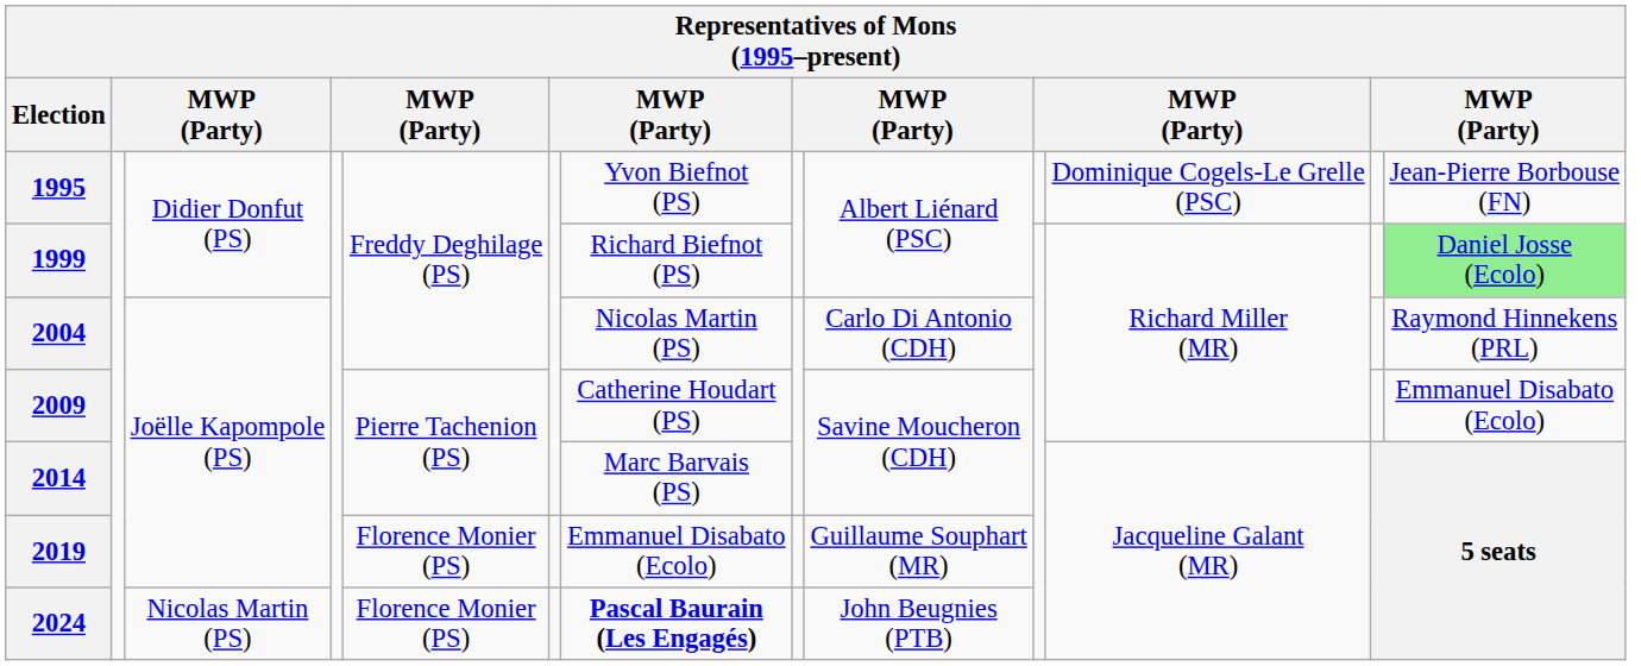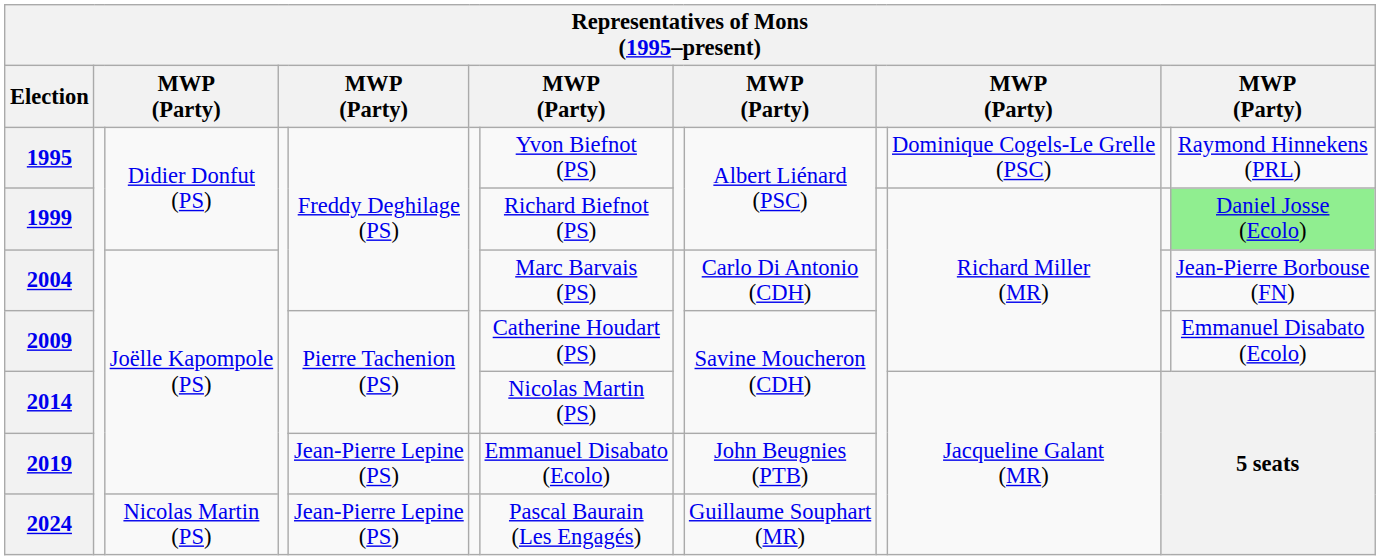 <table class="wikitable" style="text-align:center">
 <tr>
 <th colspan="13">Representatives of Mons<br>(<a href='#'>1995</a>–present)</th>
 </tr>
 <tr>
 <th>Election</th>
 <th colspan=2>MWP<br>(Party)</th>
 <th colspan=2>MWP<br>(Party)</th>
 <th colspan=2>MWP<br>(Party)</th>
 <th colspan=2>MWP<br>(Party)</th>
 <th colspan=2>MWP<br>(Party)</th>
 <th colspan=2>MWP<br>(Party)</th>
 </tr>
 <tr>
 <th><a href='#'>1995</a></th>
 <td rowspan=7; style="background-color: "></td>
 <td rowspan=2><a href='#'>Didier Donfut</a><br>(<a href='#'>PS</a>)</td>
 <td rowspan=7; style="background-color: "></td>
 <td rowspan=3><a href='#'>Freddy Deghilage</a><br>(<a href='#'>PS</a>)</td>
 <td rowspan=5; style="background-color: "></td>
 <td rowspan=1><a href='#'>Yvon Biefnot</a><br>(<a href='#'>PS</a>)</td>
 <td rowspan=2; style="background-color: "></td>
 <td rowspan=2><a href='#'>Albert Liénard</a><br>(<a href='#'>PSC</a>)</td>
 <td rowspan=1; style="background-color: "></td>
 <td rowspan=1><a href='#'>Dominique Cogels-Le Grelle</a><br>(<a href='#'>PSC</a>)</td>
 <td rowspan=1; style="background-color: "></td>
-<td rowspan=1><a href='#'>Jean-Pierre Borbouse</a><br>(<a href='#'>FN</a>)</td>
+<td rowspan=1><a href='#'>Raymond Hinnekens</a><br>(<a href='#'>PRL</a>)</td>
 </tr>
 <tr>
 <th><a href='#'>1999</a></th>
 <td rowspan=1><a href='#'>Richard Biefnot</a><br>(<a href='#'>PS</a>)</td>
 <td rowspan=6; style="background-color: "></td>
 <td rowspan=3><a href='#'>Richard Miller</a><br>(<a href='#'>MR</a>)</td>
 <td rowspan=1; style="background-color: "></td>
 <td rowspan=1 style="background: lightgreen;"><a href='#'>Daniel Josse</a><br>(<a href='#'>Ecolo</a>)</td>
 </tr>
 <tr>
 <th><a href='#'>2004</a></th>
 <td rowspan=4><a href='#'>Joëlle Kapompole</a><br>(<a href='#'>PS</a>)</td>
-<td rowspan=1><a href='#'>Nicolas Martin</a><br>(<a href='#'>PS</a>)</td>
+<td rowspan=1><a href='#'>Marc Barvais</a><br>(<a href='#'>PS</a>)</td>
 <td rowspan=3; style="background-color: "></td>
 <td rowspan=1><a href='#'>Carlo Di Antonio</a><br>(<a href='#'>CDH</a>)</td>
 <td rowspan=1; style="background-color: "></td>
-<td rowspan=1><a href='#'>Raymond Hinnekens</a><br>(<a href='#'>PRL</a>)</td>
+<td rowspan=1><a href='#'>Jean-Pierre Borbouse</a><br>(<a href='#'>FN</a>)</td>
 </tr>
 <tr>
 <th><a href='#'>2009</a></th>
 <td rowspan=2><a href='#'>Pierre Tachenion</a><br>(<a href='#'>PS</a>)</td>
 <td rowspan=1><a href='#'>Catherine Houdart</a><br>(<a href='#'>PS</a>)</td>
 <td rowspan=2><a href='#'>Savine Moucheron</a><br>(<a href='#'>CDH</a>)</td>
 <td rowspan=1; style="background-color: "></td>
 <td rowspan=1><a href='#'>Emmanuel Disabato</a><br>(<a href='#'>Ecolo</a>)</td>
 </tr>
 <tr>
 <th><a href='#'>2014</a></th>
-<td rowspan=1><a href='#'>Marc Barvais</a><br>(<a href='#'>PS</a>)</td>
+<td rowspan=1><a href='#'>Nicolas Martin</a><br>(<a href='#'>PS</a>)</td>
 <td rowspan=3><a href='#'>Jacqueline Galant</a><br>(<a href='#'>MR</a>)</td>
 <th rowspan=3; colspan=2>5 seats</th>
 </tr>
 <tr>
 <th><a href='#'>2019</a></th>
-<td rowspan=1><a href='#'>Florence Monier</a><br>(<a href='#'>PS</a>)</td>
+<td rowspan=1><a href='#'>Jean-Pierre Lepine</a><br>(<a href='#'>PS</a>)</td>
 <td rowspan=1; style="background-color: "></td>
 <td rowspan=1><a href='#'>Emmanuel Disabato</a><br>(<a href='#'>Ecolo</a>)</td>
 <td rowspan=1; style="background-color: "></td>
-<td rowspan=1><a href='#'>Guillaume Souphart</a><br>(<a href='#'>MR</a>)</td>
+<td rowspan=1><a href='#'>John Beugnies</a><br>(<a href='#'>PTB</a>)</td>
 </tr>
 <tr>
 <th><a href='#'>2024</a></th>
 <td rowspan=1><a href='#'>Nicolas Martin</a><br>(<a href='#'>PS</a>)</td>
-<td rowspan=1><a href='#'>Florence Monier</a><br>(<a href='#'>PS</a>)</td>
+<td rowspan=1><a href='#'>Jean-Pierre Lepine</a><br>(<a href='#'>PS</a>)</td>
 <td rowspan=1; style="background-color: "></td>
-<td rowspan=1><strong><a href='#'>Pascal Baurain</a><br>(<a href='#'>Les Engagés</a>)</strong></td>
+<td rowspan=1><a href='#'>Pascal Baurain</a><br>(<a href='#'>Les Engagés</a>)</td>
 <td rowspan=1; style="background-color: "></td>
-<td rowspan=1><a href='#'>John Beugnies</a><br>(<a href='#'>PTB</a>)</td>
+<td rowspan=1><a href='#'>Guillaume Souphart</a><br>(<a href='#'>MR</a>)</td>
 </tr>
 </table>
